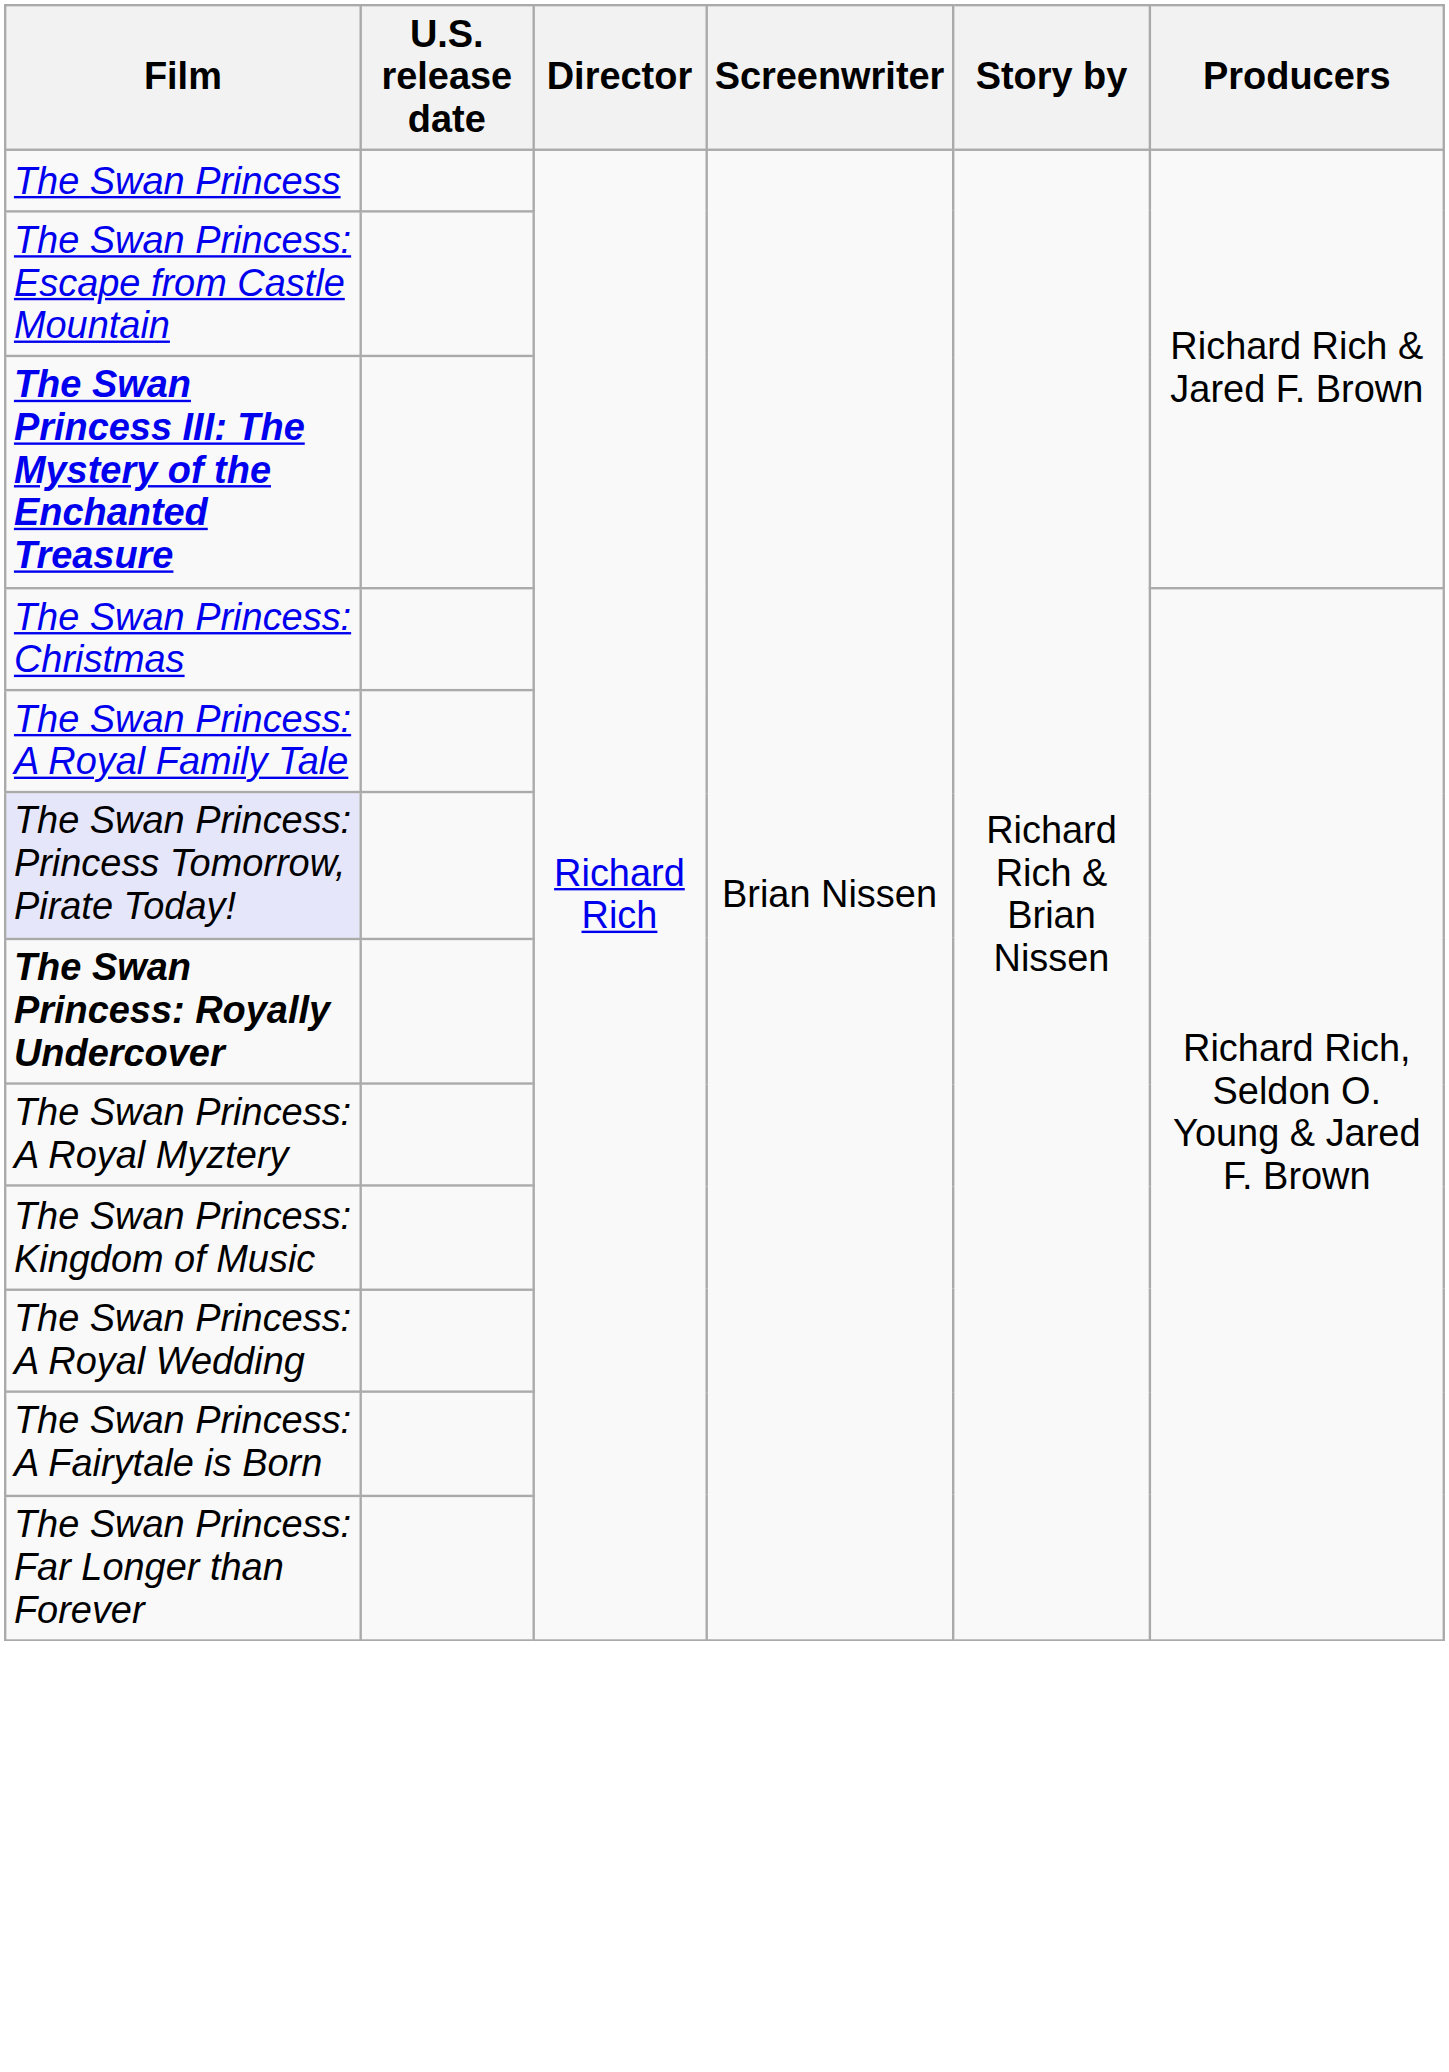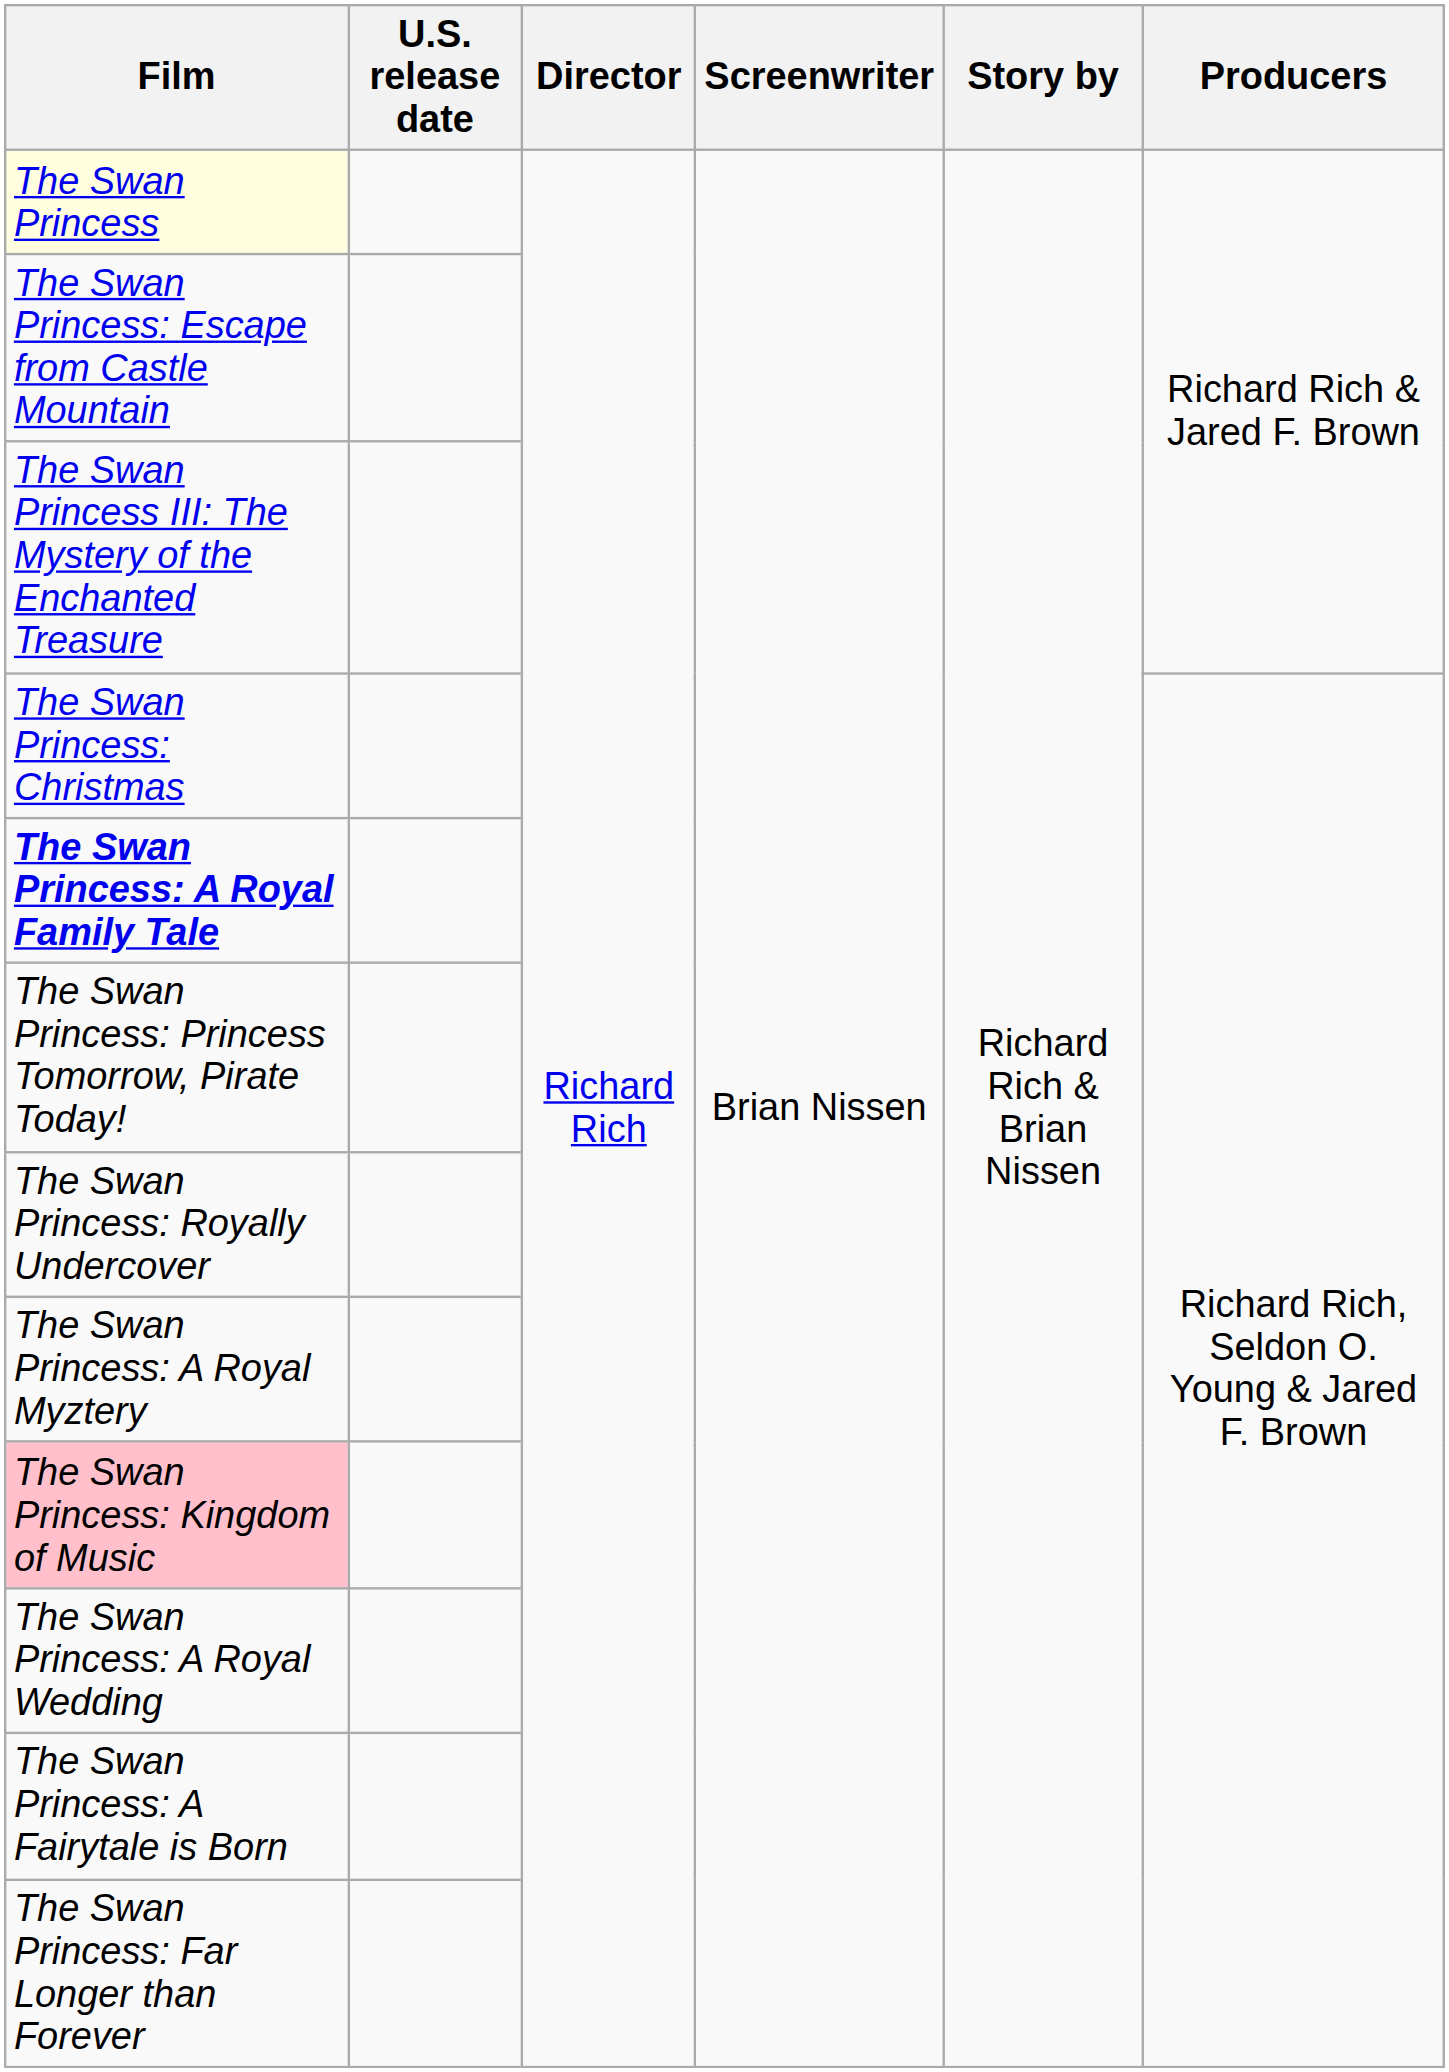 <table class="wikitable plainrowheaders" style="text-align:center">
 <tr>
 <th>Film</th>
 <th>U.S. release date</th>
 <th>Director</th>
 <th>Screenwriter</th>
 <th>Story by</th>
 <th>Producers</th>
 </tr>
 <tr>
-<td style="text-align:left"><em><a href='#'>The Swan Princess</a></em></td>
+<td style="background: lightyellow; text-align:left"><em><a href='#'>The Swan Princess</a></em></td>
 <td style="text-align:left"></td>
 <td rowspan="12"><a href='#'>Richard Rich</a></td>
 <td rowspan="12">Brian Nissen</td>
 <td rowspan="12">Richard Rich & Brian Nissen</td>
 <td rowspan="3">Richard Rich & Jared F. Brown</td>
 </tr>
 <tr>
 <td style="text-align:left"><em><a href='#'>The Swan Princess: Escape from Castle Mountain</a></em></td>
 <td style="text-align:left"></td>
 </tr>
 <tr>
-<td style="text-align:left"><strong><em><a href='#'>The Swan Princess III: The Mystery of the Enchanted Treasure</a></em></strong></td>
+<td style="text-align:left"><em><a href='#'>The Swan Princess III: The Mystery of the Enchanted Treasure</a></em></td>
 <td style="text-align:left"></td>
 </tr>
 <tr>
 <td style="text-align:left"><em><a href='#'>The Swan Princess: Christmas</a></em></td>
 <td style="text-align:left"></td>
 <td rowspan="9">Richard Rich, Seldon O. Young & Jared F. Brown</td>
 </tr>
 <tr>
-<td style="text-align:left"><em><a href='#'>The Swan Princess: A Royal Family Tale</a></em></td>
+<td style="text-align:left"><strong><em><a href='#'>The Swan Princess: A Royal Family Tale</a></em></strong></td>
 <td style="text-align:left"></td>
 </tr>
 <tr>
-<td style="background: lavender; text-align:left"><em>The Swan Princess: Princess Tomorrow, Pirate Today!</em></td>
+<td style="text-align:left"><em>The Swan Princess: Princess Tomorrow, Pirate Today!</em></td>
 <td style="text-align:left"></td>
 </tr>
 <tr>
-<td style="text-align:left"><strong><em>The Swan Princess: Royally Undercover</em></strong></td>
+<td style="text-align:left"><em>The Swan Princess: Royally Undercover</em></td>
 <td style="text-align:left"></td>
 </tr>
 <tr>
 <td style="text-align:left"><em>The Swan Princess: A Royal Myztery</em></td>
 <td style="text-align:left"></td>
 </tr>
 <tr>
-<td style="text-align:left"><em>The Swan Princess: Kingdom of Music</em></td>
+<td style="background: pink; text-align:left"><em>The Swan Princess: Kingdom of Music</em></td>
 <td style="text-align:left"></td>
 </tr>
 <tr>
 <td style="text-align:left"><em>The Swan Princess: A Royal Wedding</em></td>
 <td style="text-align:left"></td>
 </tr>
 <tr>
 <td style="text-align:left"><em>The Swan Princess: A Fairytale is Born</em></td>
 <td style="text-align:left"></td>
 </tr>
 <tr>
 <td style="text-align:left"><em>The Swan Princess: Far Longer than Forever</em></td>
 <td style="text-align:left"></td>
 </tr>
 </table>
